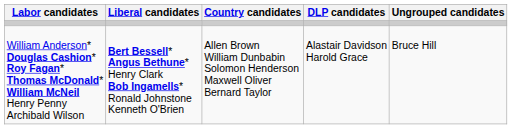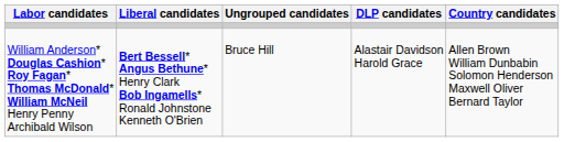 <table class="wikitable">
 <tr>
 <th><a href='#'>Labor</a> candidates</th>
 <th><a href='#'>Liberal</a> candidates</th>
+<th>Ungrouped candidates</th>
+<th><a href='#'>DLP</a> candidates</th>
 <th><a href='#'>Country</a> candidates</th>
-<th><a href='#'>DLP</a> candidates</th>
-<th>Ungrouped candidates</th>
 </tr>
 <tr bgcolor="#cccccc">
 <td></td>
 <td></td>
 <td></td>
 <td></td>
 <td></td>
 </tr>
 <tr>
 <td><br><a href='#'>William Anderson</a>*<br> <strong><a href='#'>Douglas Cashion</a></strong>*<br> <strong><a href='#'>Roy Fagan</a></strong>*<br> <strong><a href='#'>Thomas McDonald</a></strong>*<br> <strong><a href='#'>William McNeil</a></strong><br> Henry Penny<br> Archibald Wilson</td>
 <td><br><strong><a href='#'>Bert Bessell</a></strong>*<br> <strong><a href='#'>Angus Bethune</a></strong>*<br> Henry Clark<br> <strong><a href='#'>Bob Ingamells</a></strong>*<br> Ronald Johnstone<br> Kenneth O'Brien</td>
+<td valign=top><br>Bruce Hill</td>
+<td valign=top><br>Alastair Davidson<br> Harold Grace</td>
 <td valign=top><br>Allen Brown<br> William Dunbabin<br> Solomon Henderson<br> Maxwell Oliver<br> Bernard Taylor</td>
-<td valign=top><br>Alastair Davidson<br> Harold Grace</td>
-<td valign=top><br>Bruce Hill</td>
 </tr>
 </table>
